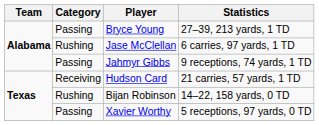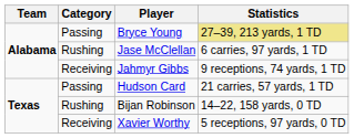 <table class="wikitable" style="float: right;">
 <tr>
 <th>Team</th>
 <th>Category</th>
 <th>Player</th>
 <th>Statistics</th>
 </tr>
 <tr>
 <td rowspan=3><strong>Alabama</strong></td>
 <td>Passing</td>
 <td><a href='#'>Bryce Young</a></td>
-<td>27–39, 213 yards, 1 TD</td>
+<td style="background: khaki;">27–39, 213 yards, 1 TD</td>
 </tr>
 <tr>
 <td>Rushing</td>
 <td><a href='#'>Jase McClellan</a></td>
 <td>6 carries, 97 yards, 1 TD</td>
 </tr>
 <tr>
-<td>Passing</td>
+<td>Receiving</td>
 <td><a href='#'>Jahmyr Gibbs</a></td>
 <td>9 receptions, 74 yards, 1 TD</td>
 </tr>
 <tr>
 <td rowspan=3><strong>Texas</strong></td>
-<td>Receiving</td>
+<td>Passing</td>
 <td><a href='#'>Hudson Card</a></td>
 <td>21 carries, 57 yards, 1 TD</td>
 </tr>
 <tr>
 <td>Rushing</td>
 <td>Bijan Robinson</td>
 <td>14–22, 158 yards, 0 TD</td>
 </tr>
 <tr>
-<td>Passing</td>
+<td>Receiving</td>
 <td><a href='#'>Xavier Worthy</a></td>
 <td>5 receptions, 97 yards, 0 TD</td>
 </tr>
 </table>
